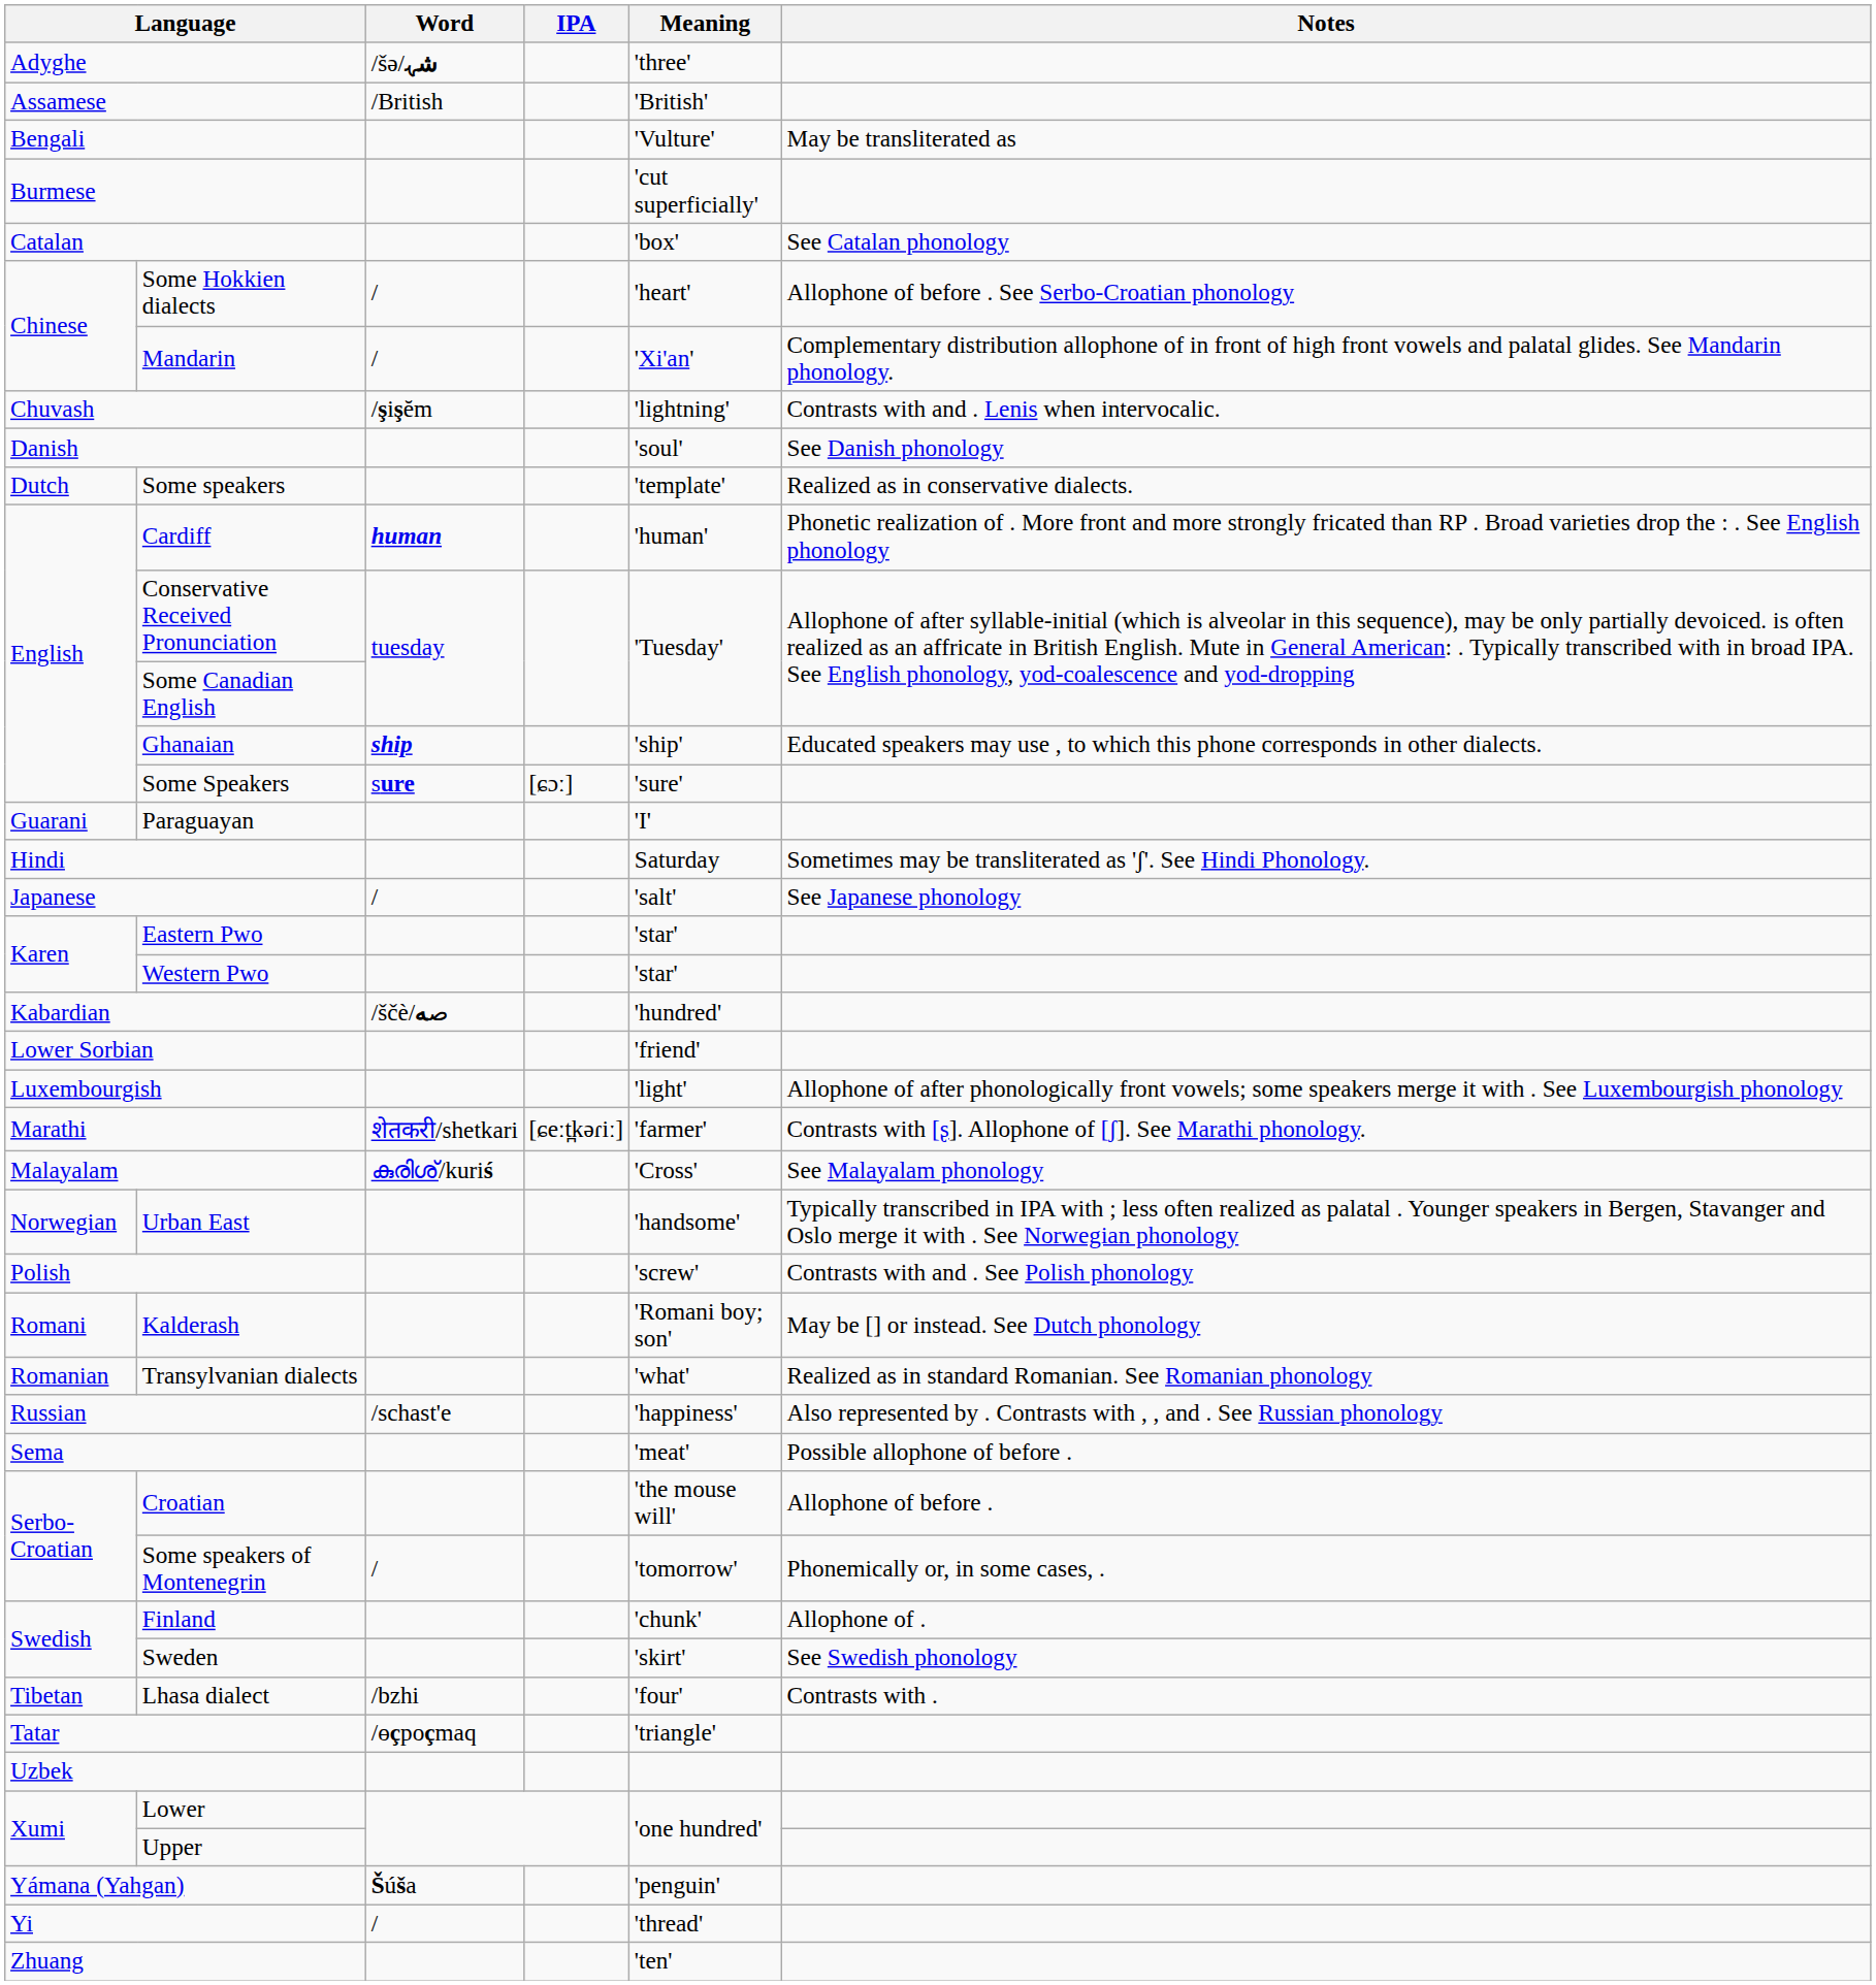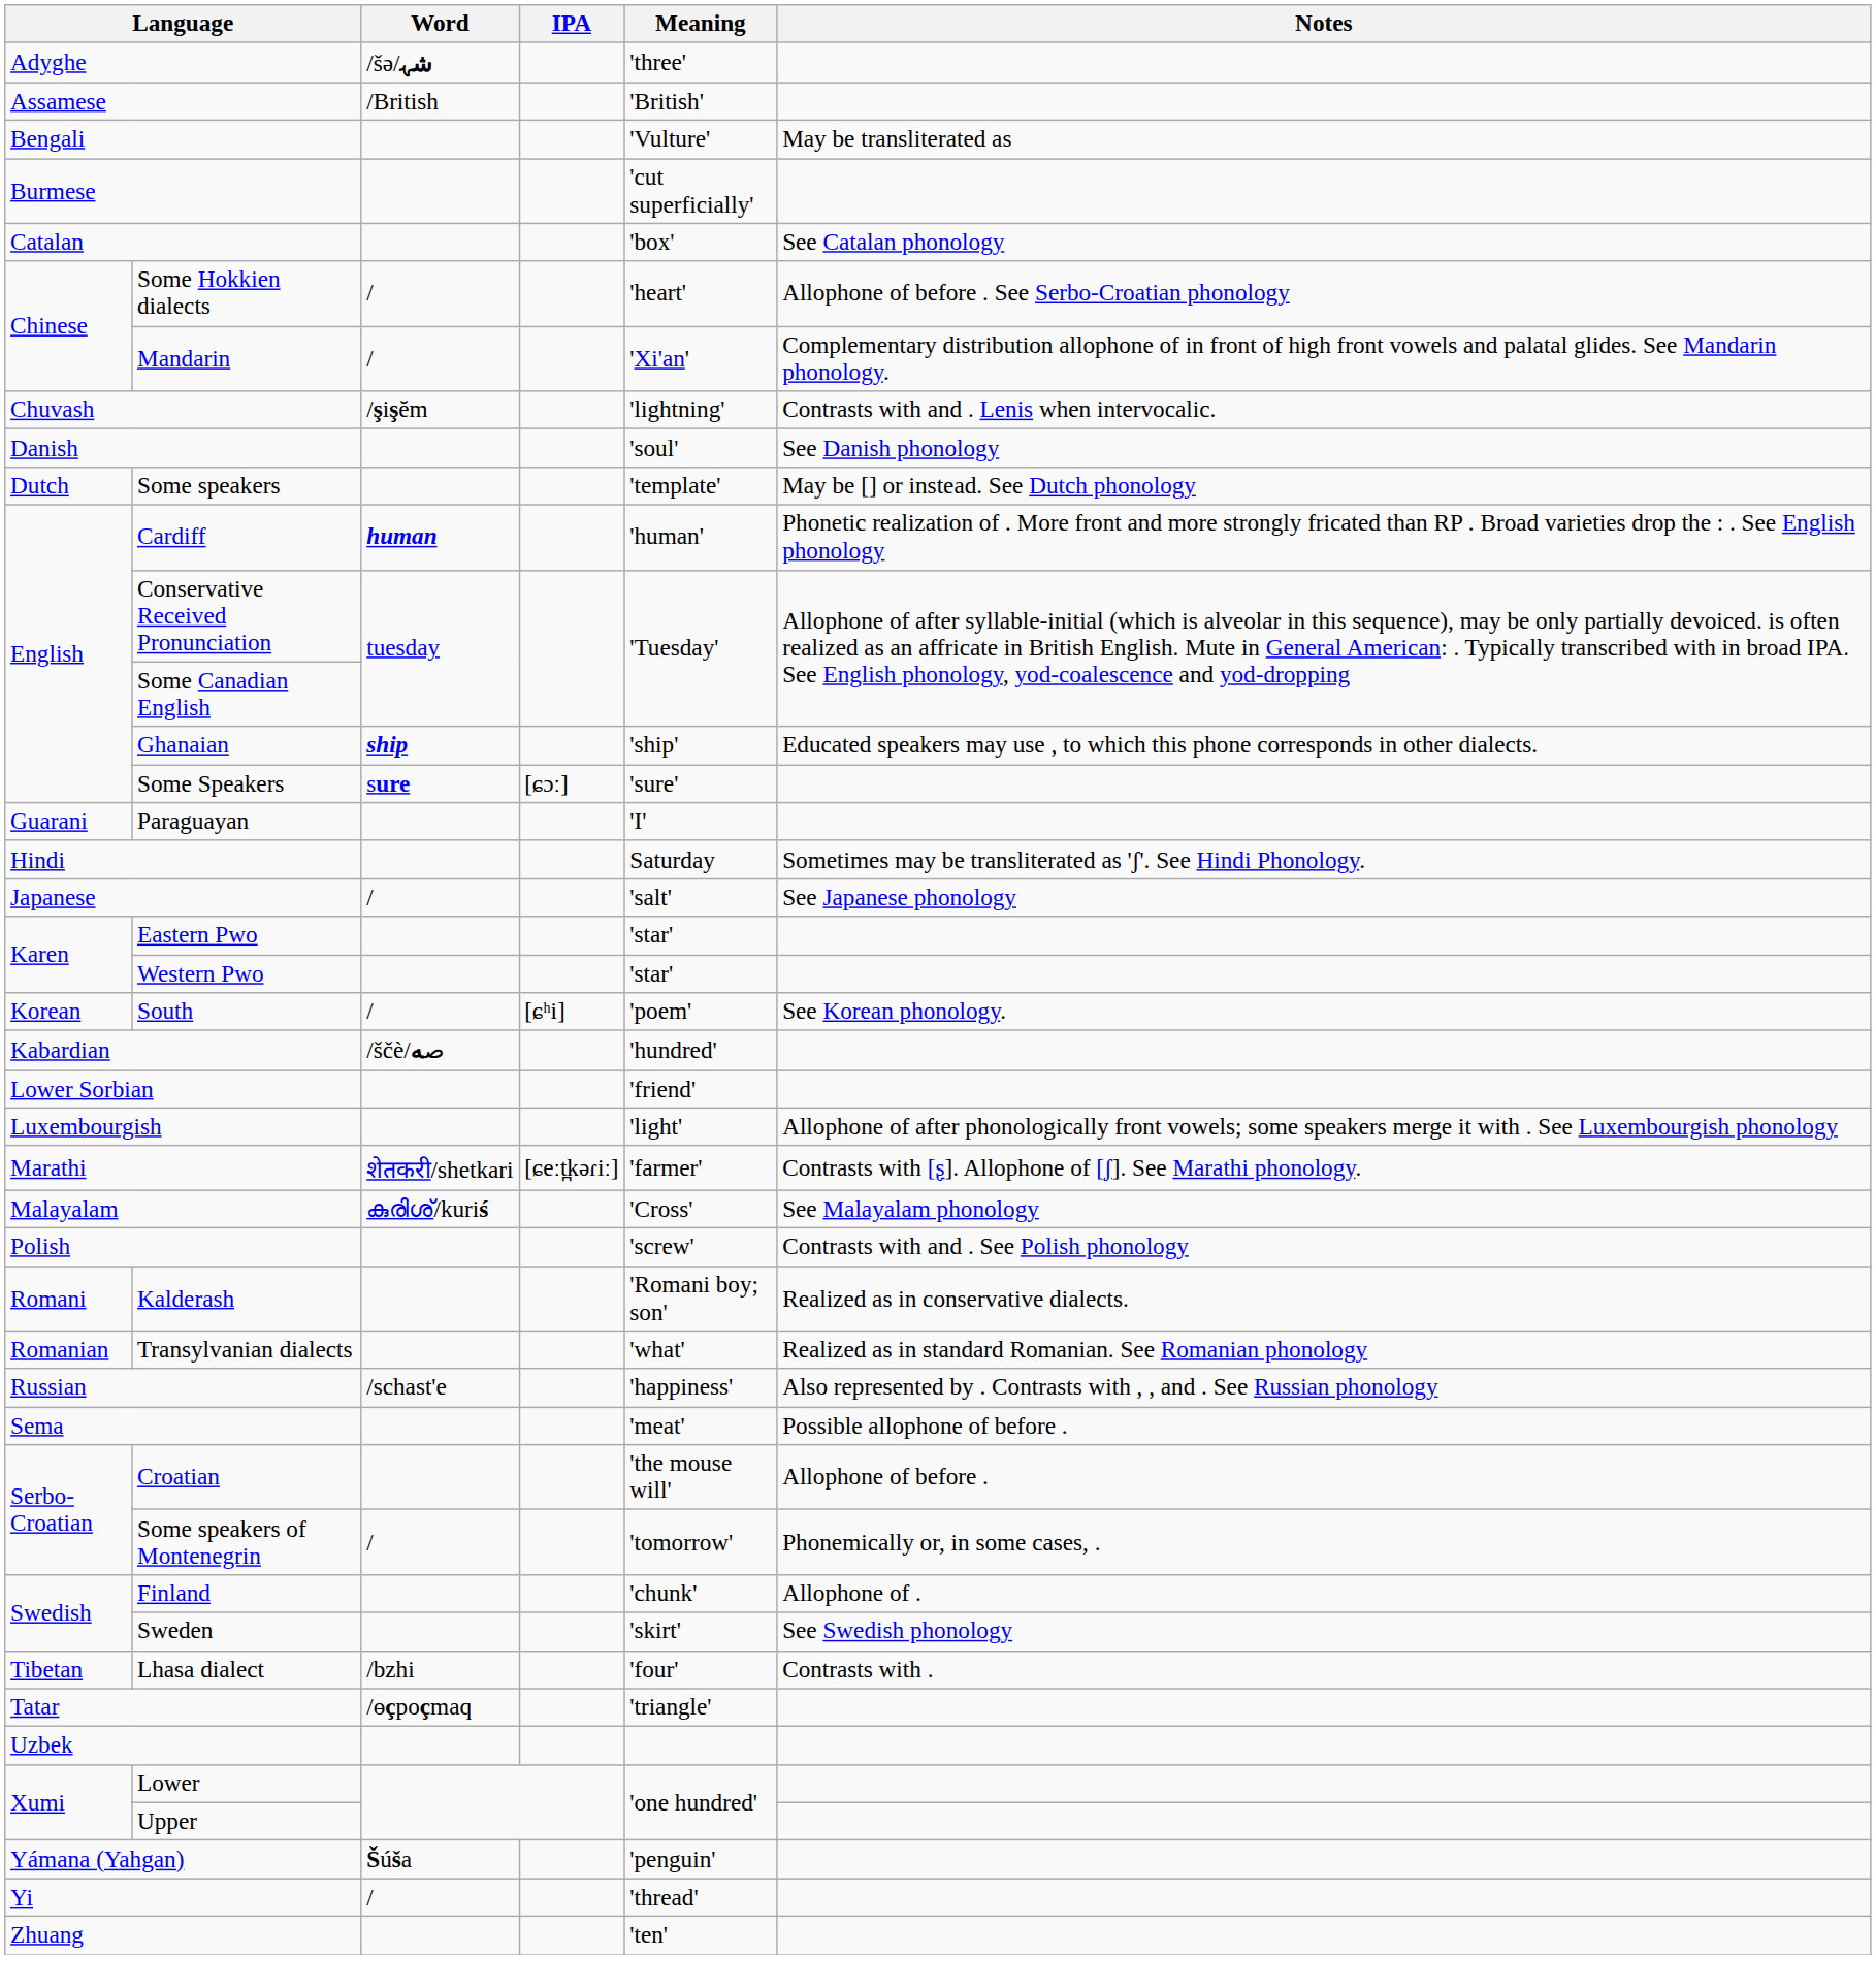 <table class="wikitable">
 <tr>
 <th colspan="2">Language</th>
 <th>Word</th>
 <th><a href='#'>IPA</a></th>
 <th>Meaning</th>
 <th>Notes</th>
 </tr>
 <tr>
 <td colspan="2"><a href='#'>Adyghe</a></td>
 <td>/šə/<strong>ش</strong>ہ‍</td>
 <td></td>
 <td>'three'</td>
 <td></td>
 </tr>
 <tr>
 <td colspan="2"><a href='#'>Assamese</a></td>
 <td>/British</td>
 <td></td>
 <td>'British'</td>
 <td></td>
 </tr>
 <tr>
 <td colspan="2"><a href='#'>Bengali</a></td>
 <td></td>
 <td></td>
 <td>'Vulture'</td>
 <td>May be transliterated as </td>
 </tr>
 <tr>
 <td colspan="2"><a href='#'>Burmese</a></td>
 <td></td>
 <td></td>
 <td>'cut superficially'</td>
 <td></td>
 </tr>
 <tr>
 <td colspan="2"><a href='#'>Catalan</a></td>
 <td></td>
 <td></td>
 <td>'box'</td>
 <td>See <a href='#'>Catalan phonology</a></td>
 </tr>
 <tr>
 <td rowspan="2"><a href='#'>Chinese</a></td>
 <td>Some <a href='#'>Hokkien</a> dialects</td>
 <td>/</td>
 <td></td>
 <td>'heart'</td>
 <td>Allophone of  before . See <a href='#'>Serbo-Croatian phonology</a></td>
 </tr>
 <tr>
 <td><a href='#'>Mandarin</a></td>
 <td>/</td>
 <td></td>
 <td>'<a href='#'>Xi'an</a>'</td>
 <td>Complementary distribution allophone of  in front of high front vowels and palatal glides. See <a href='#'>Mandarin phonology</a>.</td>
 </tr>
 <tr>
 <td colspan="2"><a href='#'>Chuvash</a></td>
 <td>/<strong>ş</strong>i<strong>ş</strong>ĕm</td>
 <td></td>
 <td>'lightning'</td>
 <td>Contrasts with  and . <a href='#'>Lenis</a> when intervocalic.</td>
 </tr>
 <tr>
 <td colspan="2"><a href='#'>Danish</a></td>
 <td></td>
 <td></td>
 <td>'soul'</td>
 <td>See <a href='#'>Danish phonology</a></td>
 </tr>
 <tr>
 <td><a href='#'>Dutch</a></td>
 <td>Some speakers</td>
 <td></td>
 <td></td>
 <td>'template'</td>
-<td>Realized as  in conservative dialects.</td>
+<td>May be [] or  instead. See <a href='#'>Dutch phonology</a></td>
 </tr>
 <tr>
 <td rowspan="5"><a href='#'>English</a></td>
 <td><a href='#'>Cardiff</a></td>
 <td><a href='#'><strong><em>h<strong>uman<em></a></td>
 <td></td>
 <td>'human'</td>
 <td>Phonetic realization of . More front and more strongly fricated than RP . Broad varieties drop the : . See <a href='#'>English phonology</a></td>
 </tr>
 <tr>
 <td>Conservative <a href='#'>Received Pronunciation</a></td>
 <td rowspan="2"><a href='#'></em></strong>t</strong>uesday</em></a></td>
 <td rowspan="2"></td>
 <td rowspan="2">'Tuesday'</td>
 <td rowspan="2">Allophone of  after syllable-initial  (which is alveolar in this sequence), may be only partially devoiced.  is often realized as an affricate  in British English. Mute in <a href='#'>General American</a>: . Typically transcribed with  in broad IPA. See <a href='#'>English phonology</a>, <a href='#'>yod-coalescence</a> and <a href='#'>yod-dropping</a></td>
 </tr>
 <tr>
 <td>Some <a href='#'>Canadian English</a></td>
 </tr>
 <tr>
 <td><a href='#'>Ghanaian</a></td>
 <td><a href='#'><strong><em>sh<strong>ip<em></a></td>
 <td></td>
 <td>'ship'</td>
 <td>Educated speakers may use , to which this phone corresponds in other dialects.</td>
 </tr>
 <tr>
 <td>Some Speakers</td>
 <td><a href='#'></strong>s<strong>ure</a></td>
 <td>[ɕɔː]</td>
 <td>'sure'</td>
 <td></td>
 </tr>
 <tr>
 <td><a href='#'>Guarani</a></td>
 <td>Paraguayan</td>
 <td></td>
 <td></td>
 <td>'I'</td>
 <td></td>
 </tr>
 <tr>
 <td colspan ="2"><a href='#'>Hindi</a></td>
 <td></td>
 <td></td>
 <td>Saturday</td>
 <td>Sometimes may be transliterated as 'ʃ'. See <a href='#'>Hindi Phonology</a>.</td>
 </tr>
 <tr>
 <td colspan="2"><a href='#'>Japanese</a></td>
 <td>/</td>
 <td></td>
 <td>'salt'</td>
 <td>See <a href='#'>Japanese phonology</a></td>
 </tr>
 <tr>
 <td rowspan="2"><a href='#'>Karen</a></td>
 <td><a href='#'>Eastern Pwo</a></td>
 <td></td>
 <td></td>
 <td>'star'</td>
 <td></td>
 </tr>
 <tr>
 <td><a href='#'>Western Pwo</a></td>
 <td></td>
 <td></td>
 <td>'star'</td>
 <td></td>
 </tr>
 <tr>
+<td><a href='#'>Korean</a></td>
+<td><a href='#'>South</a></td>
+<td>/</td>
+<td>[ɕʰi]</td>
+<td>'poem'</td>
+<td>See <a href='#'>Korean phonology</a>.</td>
+</tr>
+<tr>
 <td colspan="2"><a href='#'>Kabardian</a></td>
 <td>/ščè/</strong>ص<strong>ە</td>
 <td></td>
 <td>'hundred'</td>
 <td></td>
 </tr>
 <tr>
 <td colspan="2"><a href='#'>Lower Sorbian</a></td>
 <td></td>
 <td></td>
 <td>'friend'</td>
 <td></td>
 </tr>
 <tr>
 <td colspan="2"><a href='#'>Luxembourgish</a></td>
 <td></td>
 <td></td>
 <td>'light'</td>
 <td>Allophone of  after phonologically front vowels; some speakers merge it with . See <a href='#'>Luxembourgish phonology</a></td>
 </tr>
 <tr>
 <td colspan="2"><a href='#'>Marathi</a></td>
 <td><a href='#'>शेतकरी</a>/</em></strong>sh</strong>etkari</em></td>
 <td>[ɕeːt̪kəɾiː]</td>
 <td>'farmer'</td>
 <td>Contrasts with <a href='#'>[ʂ</a>]. Allophone of <a href='#'>[ʃ</a>]. See <a href='#'>Marathi phonology</a>.</td>
 </tr>
 <tr>
 <td colspan="2"><a href='#'>Malayalam</a></td>
 <td><a href='#'>കുരിശ്</a>/kuri<strong>ś</strong></td>
 <td></td>
 <td>'Cross'</td>
 <td>See <a href='#'>Malayalam phonology</a></td>
 </tr>
 <tr>
-<td><a href='#'>Norwegian</a></td>
-<td><a href='#'>Urban East</a></td>
-<td></td>
-<td></td>
-<td>'handsome'</td>
-<td>Typically transcribed in IPA with ; less often realized as palatal . Younger speakers in Bergen, Stavanger and Oslo merge it with . See <a href='#'>Norwegian phonology</a></td>
-</tr>
-<tr>
 <td colspan="2"><a href='#'>Polish</a></td>
 <td></td>
 <td></td>
 <td>'screw'</td>
 <td>Contrasts with  and . See <a href='#'>Polish phonology</a></td>
 </tr>
 <tr>
 <td><a href='#'>Romani</a></td>
 <td><a href='#'>Kalderash</a></td>
 <td></td>
 <td></td>
 <td>'Romani boy; son'</td>
-<td>May be [] or  instead. See <a href='#'>Dutch phonology</a></td>
+<td>Realized as  in conservative dialects.</td>
 </tr>
 <tr>
 <td><a href='#'>Romanian</a></td>
 <td>Transylvanian dialects</td>
 <td></td>
 <td></td>
 <td>'what'</td>
 <td>Realized as  in standard Romanian. See <a href='#'>Romanian phonology</a></td>
 </tr>
 <tr>
 <td colspan="2"><a href='#'>Russian</a></td>
 <td>/schast'e</td>
 <td></td>
 <td>'happiness'</td>
 <td>Also represented by . Contrasts with , , and . See <a href='#'>Russian phonology</a></td>
 </tr>
 <tr>
 <td colspan="2"><a href='#'>Sema</a></td>
 <td></td>
 <td></td>
 <td>'meat'</td>
 <td>Possible allophone of  before .</td>
 </tr>
 <tr>
 <td rowspan="2"><a href='#'>Serbo-Croatian</a></td>
 <td><a href='#'>Croatian</a></td>
 <td></td>
 <td></td>
 <td>'the mouse will'</td>
 <td>Allophone of  before .</td>
 </tr>
 <tr>
 <td>Some speakers of <a href='#'>Montenegrin</a></td>
 <td>/</td>
 <td></td>
 <td>'tomorrow'</td>
 <td>Phonemically  or, in some cases, .</td>
 </tr>
 <tr>
 <td rowspan="2"><a href='#'>Swedish</a></td>
 <td><a href='#'>Finland</a></td>
 <td></td>
 <td></td>
 <td>'chunk'</td>
 <td>Allophone of .</td>
 </tr>
 <tr>
 <td>Sweden</td>
 <td></td>
 <td></td>
 <td>'skirt'</td>
 <td>See <a href='#'>Swedish phonology</a></td>
 </tr>
 <tr>
 <td><a href='#'>Tibetan</a></td>
 <td>Lhasa dialect</td>
 <td>/bzhi</td>
 <td></td>
 <td>'four'</td>
 <td>Contrasts with .</td>
 </tr>
 <tr>
 <td colspan="2"><a href='#'>Tatar</a></td>
 <td>/ө<strong>ç</strong>po<strong>ç</strong>maq</td>
 <td></td>
 <td>'triangle'</td>
 <td></td>
 </tr>
 <tr>
 <td colspan="2"><a href='#'>Uzbek</a></td>
 <td></td>
 <td></td>
 <td></td>
 <td></td>
 </tr>
 <tr>
 <td rowspan=2><a href='#'>Xumi</a></td>
 <td>Lower</td>
 <td rowspan=2 colspan=2 align=center></td>
 <td rowspan=2>'one hundred'</td>
 <td></td>
 </tr>
 <tr>
 <td>Upper</td>
 <td></td>
 </tr>
 <tr>
 <td colspan="2"><a href='#'>Yámana (Yahgan)</a></td>
 <td><strong>Š</strong>ú<strong>š</strong>a</td>
 <td></td>
 <td>'penguin'</td>
 <td></td>
 </tr>
 <tr>
 <td colspan="2"><a href='#'>Yi</a></td>
 <td>/</td>
 <td></td>
 <td>'thread'</td>
 <td></td>
 </tr>
 <tr>
 <td colspan=2><a href='#'>Zhuang</a></td>
 <td></td>
 <td></td>
 <td>'ten'</td>
 <td></td>
 </tr>
 </table>
